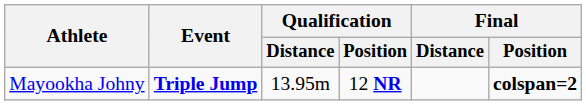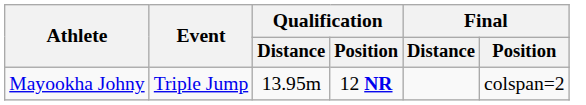 <table class=wikitable style="font-size:90%">
 <tr>
 <th rowspan="2">Athlete</th>
 <th rowspan="2">Event</th>
 <th colspan="2">Qualification</th>
 <th colspan="2">Final</th>
 </tr>
 <tr style="font-size:95%">
 <th>Distance</th>
 <th>Position</th>
 <th>Distance</th>
 <th>Position</th>
 </tr>
 <tr style=text-align:center>
 <td style=text-align:left><a href='#'>Mayookha Johny</a></td>
-<td style="text-align:left"><strong><a href='#'>Triple Jump</a></strong></td>
+<td style="text-align:left"><a href='#'>Triple Jump</a></td>
 <td>13.95m</td>
 <td>12 <strong><a href='#'>NR</a></strong></td>
 <td></td>
-<td><strong>colspan=2 </strong></td>
+<td>colspan=2 </td>
 </tr>
 </table>
